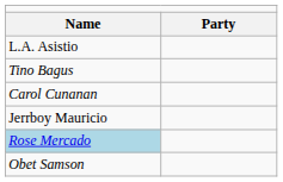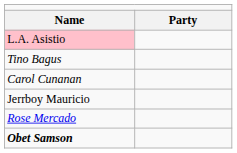 <table class="wikitable" style="font-size:90%">
 <tr>
 <td colspan="4"></td>
 </tr>
 <tr>
 <th width="150px">Name</th>
 <th colspan="2" width="110px">Party</th>
 </tr>
 <tr>
-<td>L.A. Asistio</td>
+<td style="background: pink;">L.A. Asistio</td>
 <td></td>
 </tr>
 <tr>
 <td><em>Tino Bagus</em></td>
 <td></td>
 </tr>
 <tr>
 <td><em>Carol Cunanan</em></td>
 <td></td>
 </tr>
 <tr>
 <td>Jerrboy Mauricio</td>
 <td></td>
 </tr>
 <tr>
-<td style="background: lightblue;"><em><a href='#'>Rose Mercado</a></em></td>
+<td><em><a href='#'>Rose Mercado</a></em></td>
 <td></td>
 </tr>
 <tr>
-<td><em>Obet Samson</em></td>
+<td><strong><em>Obet Samson</em></strong></td>
 <td></td>
 </tr>
 </table>
